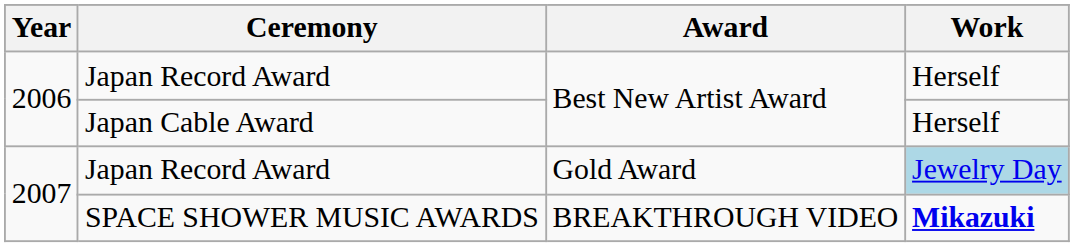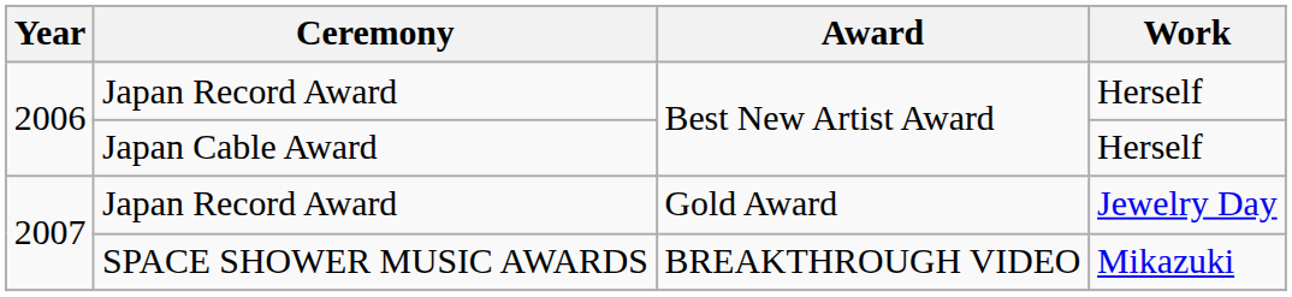 <table class="wikitable">
 <tr>
 <th>Year</th>
 <th>Ceremony</th>
 <th>Award</th>
 <th>Work</th>
 </tr>
 <tr>
 <td rowspan="2">2006</td>
 <td>Japan Record Award</td>
 <td rowspan="2">Best New Artist Award</td>
 <td>Herself</td>
 </tr>
 <tr>
 <td>Japan Cable Award</td>
 <td>Herself</td>
 </tr>
 <tr>
 <td rowspan="2">2007</td>
 <td>Japan Record Award</td>
 <td>Gold Award</td>
-<td style="background: lightblue;"><a href='#'>Jewelry Day</a></td>
+<td><a href='#'>Jewelry Day</a></td>
 </tr>
 <tr>
 <td>SPACE SHOWER MUSIC AWARDS</td>
 <td>BREAKTHROUGH VIDEO</td>
-<td><strong><a href='#'>Mikazuki</a></strong></td>
+<td><a href='#'>Mikazuki</a></td>
 </tr>
 </table>
